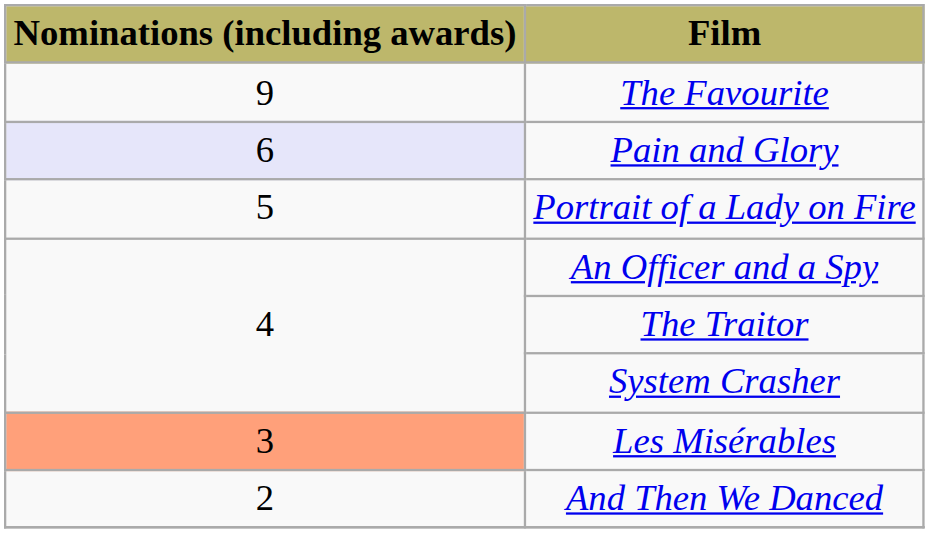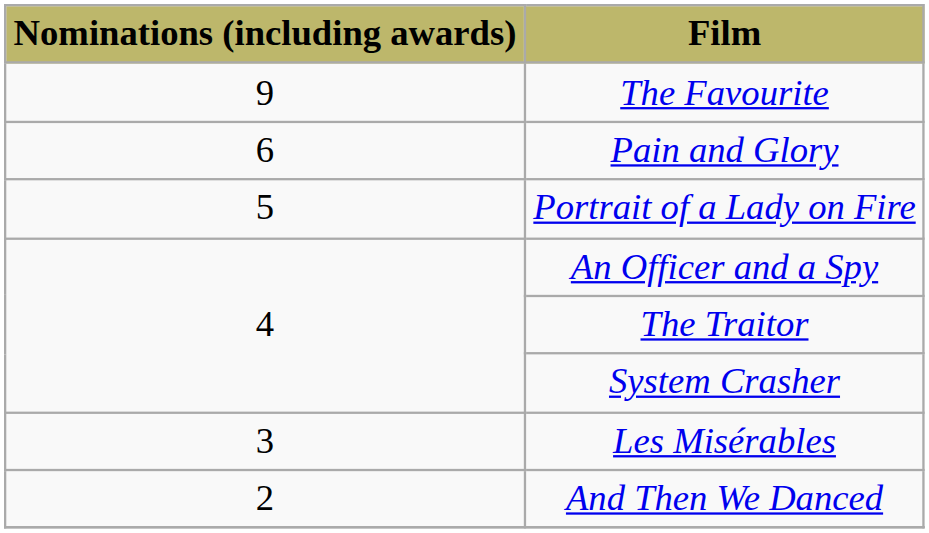 <table class="wikitable" style="text-align:center;">
 <tr>
 <th style="background:#BDB76B;">Nominations (including awards)</th>
 <th style="background:#BDB76B;">Film</th>
 </tr>
 <tr>
 <td>9</td>
 <td><em><a href='#'>The Favourite</a></em></td>
 </tr>
 <tr>
-<td style="background: lavender;">6</td>
+<td>6</td>
 <td><em><a href='#'>Pain and Glory</a></em></td>
 </tr>
 <tr>
 <td>5</td>
 <td><em><a href='#'>Portrait of a Lady on Fire</a></em></td>
 </tr>
 <tr>
 <td rowspan="3">4</td>
 <td><em><a href='#'>An Officer and a Spy</a></em></td>
 </tr>
 <tr>
 <td><em><a href='#'>The Traitor</a></em></td>
 </tr>
 <tr>
 <td><em><a href='#'>System Crasher</a></em></td>
 </tr>
 <tr>
-<td style="background: lightsalmon;">3</td>
+<td>3</td>
 <td><em><a href='#'>Les Misérables</a></em></td>
 </tr>
 <tr>
 <td>2</td>
 <td><em><a href='#'>And Then We Danced</a></em></td>
 </tr>
 <tr>
 </tr>
 </table>
